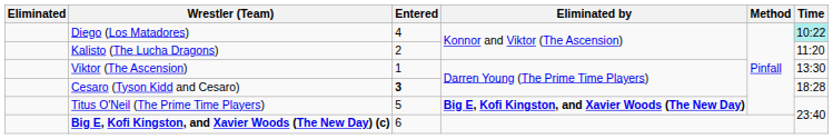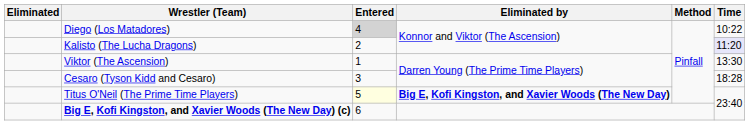 <table class="wikitable sortable">
 <tr>
 <th>Eliminated</th>
 <th>Wrestler (Team)</th>
 <th>Entered</th>
 <th>Eliminated by</th>
 <th>Method</th>
 <th>Time</th>
 </tr>
 <tr>
 <td></td>
 <td><a href='#'>Diego</a> (<a href='#'>Los Matadores</a>)</td>
-<td>4</td>
+<td style="background: lightgrey;">4</td>
 <td rowspan=2><a href='#'>Konnor</a> and <a href='#'>Viktor</a> (<a href='#'>The Ascension</a>)</td>
 <td rowspan=5><a href='#'>Pinfall</a></td>
-<td style="background: paleturquoise;">10:22</td>
+<td>10:22</td>
 </tr>
 <tr>
 <td></td>
 <td><a href='#'>Kalisto</a> (<a href='#'>The Lucha Dragons</a>)</td>
 <td>2</td>
-<td>11:20</td>
+<td style="background: lavender;">11:20</td>
 </tr>
 <tr>
 <td></td>
 <td><a href='#'>Viktor</a> (<a href='#'>The Ascension</a>)</td>
 <td>1</td>
 <td rowspan=2><a href='#'>Darren Young</a> (<a href='#'>The Prime Time Players</a>)</td>
 <td>13:30</td>
 </tr>
 <tr>
 <td></td>
 <td><a href='#'>Cesaro</a> (<a href='#'>Tyson Kidd</a> and Cesaro)</td>
-<td><strong>3</strong></td>
+<td>3</td>
 <td>18:28</td>
 </tr>
 <tr>
 <td></td>
 <td><a href='#'>Titus O'Neil</a> (<a href='#'>The Prime Time Players</a>)</td>
-<td>5</td>
+<td style="background: lightyellow;">5</td>
 <td><strong><a href='#'>Big E</a>, <a href='#'>Kofi Kingston</a>, and <a href='#'>Xavier Woods</a> (<a href='#'>The New Day</a>)</strong></td>
 <td rowspan=2>23:40</td>
 </tr>
 <tr>
 <td></td>
 <td><strong><a href='#'>Big E</a>, <a href='#'>Kofi Kingston</a>, and <a href='#'>Xavier Woods</a> (<a href='#'>The New Day</a>) (c)</strong></td>
 <td>6</td>
 <td colspan="3"></td>
 </tr>
 </table>
